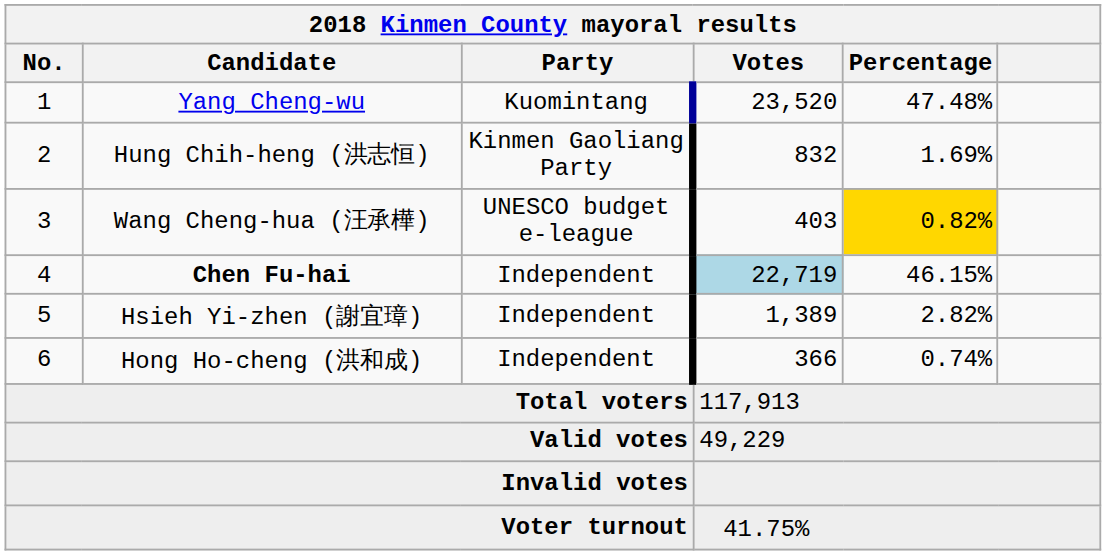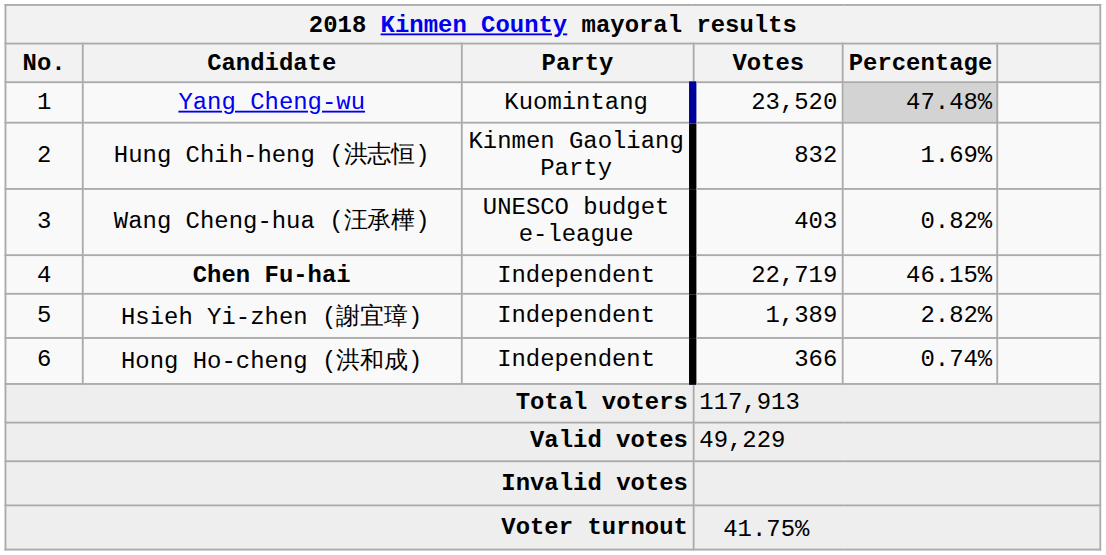 <table class="wikitable mw-collapsible" style="text-align:center; margin: 1em auto;">
 <tr>
 <th colspan="6">2018 <a href='#'>Kinmen County</a> mayoral results</th>
 </tr>
 <tr>
 <th width=35>No.</th>
 <th width=200>Candidate</th>
 <th width=120>Party</th>
 <th width=75>Votes</th>
 <th width=75>Percentage</th>
 <th width=49></th>
 </tr>
 <tr>
 <td>1</td>
 <td><a href='#'>Yang Cheng-wu</a></td>
 <td> Kuomintang</td>
 <td style="border-left:4px solid #000099;" align="right">23,520</td>
-<td align="right">47.48%</td>
+<td align="right" style="background: lightgrey;">47.48%</td>
 <td align="center"></td>
 </tr>
 <tr>
 <td>2</td>
 <td>Hung Chih-heng (洪志恒)</td>
 <td>Kinmen Gaoliang Party</td>
 <td style="border-left:4px solid #000000;" align="right">832</td>
 <td align="right">1.69%</td>
 <td align="center"></td>
 </tr>
 <tr>
 <td>3</td>
 <td>Wang Cheng-hua (汪承樺)</td>
 <td>UNESCO budget e-league</td>
 <td style="border-left:4px solid #000000;" align="right">403</td>
-<td align="right" style="background: gold;">0.82%</td>
+<td align="right">0.82%</td>
 <td align="center"></td>
 </tr>
 <tr>
 <td>4</td>
 <td><strong>Chen Fu-hai</strong></td>
 <td> Independent</td>
-<td style="background: lightblue; border-left:4px solid #000000;" align="right">22,719</td>
+<td style="border-left:4px solid #000000;" align="right">22,719</td>
 <td align="right">46.15%</td>
 <td align="center"></td>
 </tr>
 <tr>
 <td>5</td>
 <td>Hsieh Yi-zhen (謝宜璋)</td>
 <td> Independent</td>
 <td style="border-left:4px solid #000000;" align="right">1,389</td>
 <td align="right">2.82%</td>
 <td align="center"></td>
 </tr>
 <tr>
 <td>6</td>
 <td>Hong Ho-cheng (洪和成)</td>
 <td> Independent</td>
 <td style="border-left:4px solid #000000;" align="right">366</td>
 <td align="right">0.74%</td>
 <td align="center"></td>
 </tr>
 <tr bgcolor=EEEEEE>
 <td colspan="3" align="right"><strong>Total voters</strong></td>
 <td colspan="3" align="left">117,913</td>
 </tr>
 <tr bgcolor=EEEEEE>
 <td colspan="3" align="right"><strong>Valid votes</strong></td>
 <td colspan="3" align="left">49,229</td>
 </tr>
 <tr bgcolor=EEEEEE>
 <td colspan="3" align="right"><strong>Invalid votes</strong></td>
 <td colspan="3" align="left">　</td>
 </tr>
 <tr bgcolor=EEEEEE>
 <td colspan="3" align="right"><strong>Voter turnout</strong></td>
 <td colspan="3" align="left">　41.75%</td>
 </tr>
 </table>
